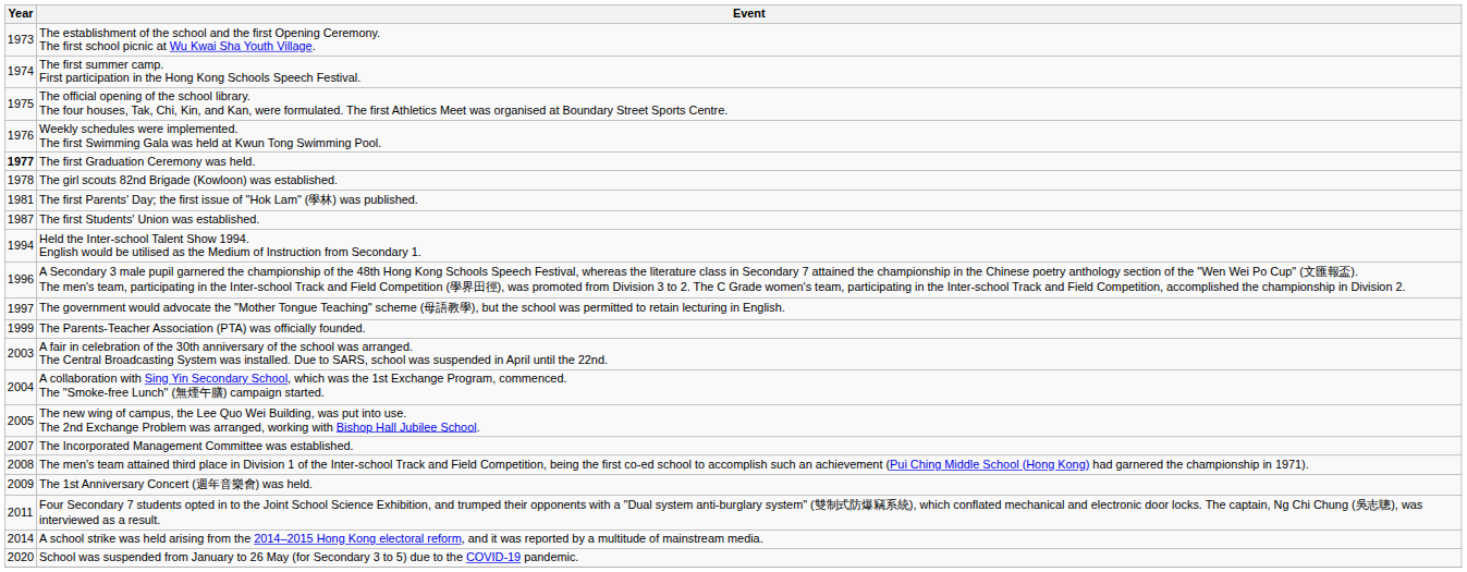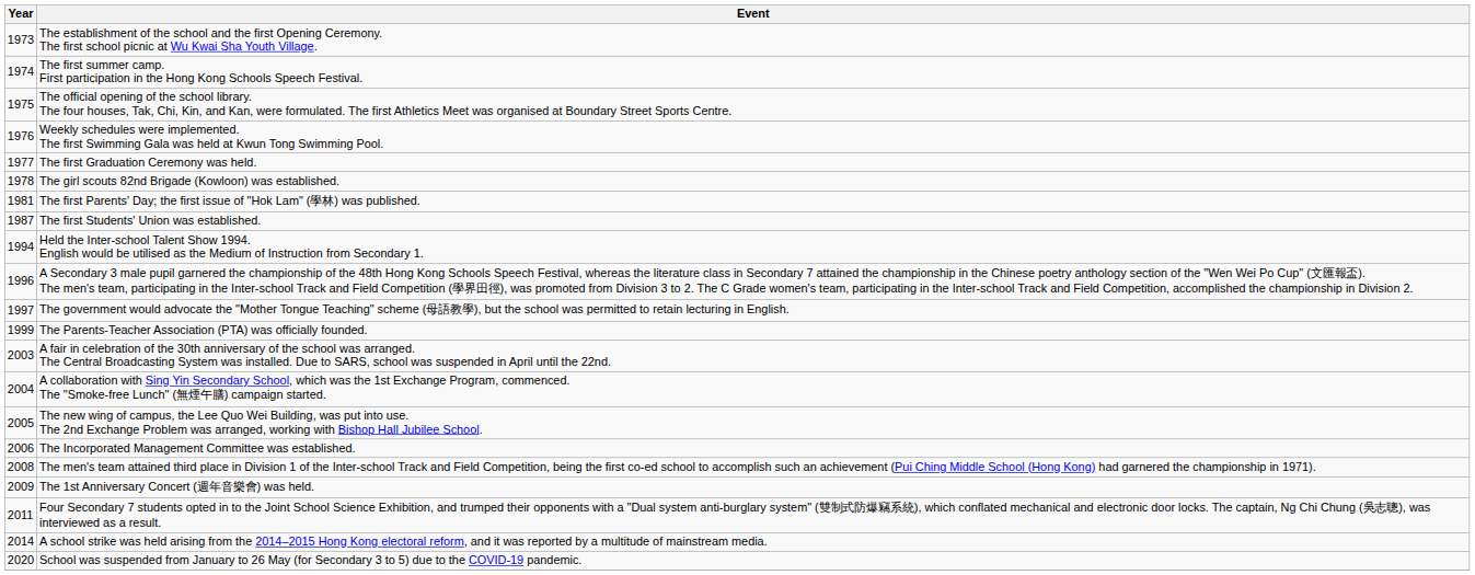 <table class="wikitable">
 <tr>
 <th>Year</th>
 <th>Event</th>
 </tr>
 <tr>
 <td>1973</td>
 <td>The establishment of the school and the first Opening Ceremony.<br>The first school picnic at <a href='#'>Wu Kwai Sha Youth Village</a>.</td>
 </tr>
 <tr>
 <td>1974</td>
 <td>The first summer camp.<br>First participation in the Hong Kong Schools Speech Festival.</td>
 </tr>
 <tr>
 <td>1975</td>
 <td>The official opening of the school library.<br>The four houses, Tak, Chi, Kin, and Kan, were formulated. The first Athletics Meet was organised at Boundary Street Sports Centre.</td>
 </tr>
 <tr>
 <td>1976</td>
 <td>Weekly schedules were implemented.<br>The first Swimming Gala was held at Kwun Tong Swimming Pool.</td>
 </tr>
 <tr>
-<td><strong>1977</strong></td>
+<td>1977</td>
 <td>The first Graduation Ceremony was held.</td>
 </tr>
 <tr>
 <td>1978</td>
 <td>The girl scouts 82nd Brigade (Kowloon) was established.</td>
 </tr>
 <tr>
 <td>1981</td>
 <td>The first Parents' Day; the first issue of "Hok Lam" (學林) was published.</td>
 </tr>
 <tr>
 <td>1987</td>
 <td>The first Students' Union was established.</td>
 </tr>
 <tr>
 <td>1994</td>
 <td>Held the Inter-school Talent Show 1994.<br>English would be utilised as the Medium of Instruction from Secondary 1.</td>
 </tr>
 <tr>
 <td>1996</td>
 <td>A Secondary 3 male pupil garnered the championship of the 48th Hong Kong Schools Speech Festival, whereas the literature class in Secondary 7 attained the championship in the Chinese poetry anthology section of the "Wen Wei Po Cup" (文匯報盃).<br>The men's team, participating in the Inter-school Track and Field Competition (學界田徑), was promoted from Division 3 to 2. The C Grade women's team, participating in the Inter-school Track and Field Competition, accomplished the championship in Division 2.</td>
 </tr>
 <tr>
 <td>1997</td>
 <td>The government would advocate the "Mother Tongue Teaching" scheme (母語教學), but the school was permitted to retain lecturing in English.</td>
 </tr>
 <tr>
 <td>1999</td>
 <td>The Parents-Teacher Association (PTA) was officially founded.</td>
 </tr>
 <tr>
 <td>2003</td>
 <td>A fair in celebration of the 30th anniversary of the school was arranged.<br>The Central Broadcasting System was installed. Due to SARS, school was suspended in April until the 22nd.</td>
 </tr>
 <tr>
 <td>2004</td>
 <td>A collaboration with <a href='#'>Sing Yin Secondary School</a>, which was the 1st Exchange Program, commenced.<br>The "Smoke-free Lunch" (無煙午膳) campaign started.</td>
 </tr>
 <tr>
 <td>2005</td>
 <td>The new wing of campus, the Lee Quo Wei Building, was put into use.<br>The 2nd Exchange Problem was arranged, working with <a href='#'>Bishop Hall Jubilee School</a>.</td>
 </tr>
 <tr>
-<td>2007</td>
+<td>2006</td>
 <td>The Incorporated Management Committee was established.</td>
 </tr>
 <tr>
 <td>2008</td>
 <td>The men's team attained third place in Division 1 of the Inter-school Track and Field Competition, being the first co-ed school to accomplish such an achievement (<a href='#'>Pui Ching Middle School (Hong Kong)</a> had garnered the championship in 1971).</td>
 </tr>
 <tr>
 <td>2009</td>
 <td>The 1st Anniversary Concert (週年音樂會) was held.</td>
 </tr>
 <tr>
 <td>2011</td>
 <td>Four Secondary 7 students opted in to the Joint School Science Exhibition, and trumped their opponents with a "Dual system anti-burglary system" (雙制式防爆竊系統), which conflated mechanical and electronic door locks. The captain, Ng Chi Chung (吳志聰), was interviewed as a result.</td>
 </tr>
 <tr>
 <td>2014</td>
 <td>A school strike was held arising from the <a href='#'>2014–2015 Hong Kong electoral reform</a>, and it was reported by a multitude of mainstream media.</td>
 </tr>
 <tr>
 <td>2020</td>
 <td>School was suspended from January to 26 May (for Secondary 3 to 5) due to the <a href='#'>COVID-19</a> pandemic.</td>
 </tr>
 <tr>
 </tr>
 </table>
